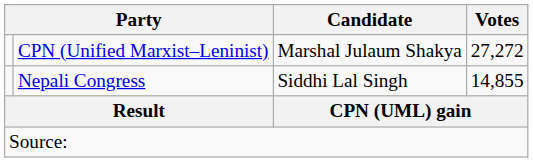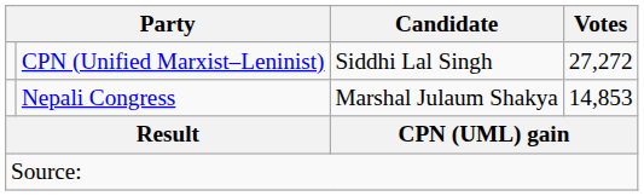 <table class="wikitable">
 <tr>
 <th colspan="2">Party</th>
 <th>Candidate</th>
 <th>Votes</th>
 </tr>
 <tr>
 <td style="background-color:"></td>
 <td><a href='#'>CPN (Unified Marxist–Leninist)</a></td>
-<td>Marshal Julaum Shakya</td>
+<td>Siddhi Lal Singh</td>
 <td>27,272</td>
 </tr>
 <tr>
 <td style="background-color:"></td>
 <td><a href='#'>Nepali Congress</a></td>
-<td>Siddhi Lal Singh</td>
-<td>14,855</td>
+<td>Marshal Julaum Shakya</td>
+<td>14,853</td>
 </tr>
 <tr>
 <th colspan="2">Result</th>
 <th colspan="2">CPN (UML) gain</th>
 </tr>
 <tr>
 <td colspan="4">Source: </td>
 </tr>
 </table>
